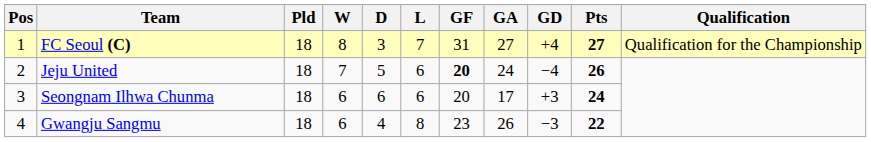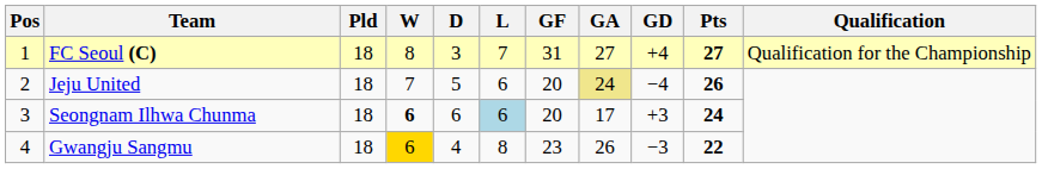 <table class="wikitable" style="text-align:center;">
 <tr>
 <th width=20>Pos</th>
 <th width=230>Team</th>
 <th width=30 abbr="Played">Pld</th>
 <th width=30 abbr="Won">W</th>
 <th width=30 abbr="Draw">D</th>
 <th width=30 abbr="Lost">L</th>
 <th width=35 abbr="Goals for">GF</th>
 <th width=35 abbr="Goals against">GA</th>
 <th width=35 abbr="Goal difference">GD</th>
 <th width=40 abbr="Points">Pts</th>
 <th>Qualification</th>
 </tr>
 <tr bgcolor=#ffffbb>
 <td>1</td>
 <td align="left"><a href='#'>FC Seoul</a> <strong>(C)</strong></td>
 <td>18</td>
 <td>8</td>
 <td>3</td>
 <td>7</td>
 <td>31</td>
 <td>27</td>
 <td>+4</td>
 <td><strong>27</strong></td>
 <td>Qualification for the Championship</td>
 </tr>
 <tr>
 <td>2</td>
 <td align="left"><a href='#'>Jeju United</a></td>
 <td>18</td>
 <td>7</td>
 <td>5</td>
 <td>6</td>
-<td><strong>20</strong></td>
-<td>24</td>
+<td>20</td>
+<td style="background: khaki;">24</td>
 <td>−4</td>
 <td><strong>26</strong></td>
 <td rowspan=3></td>
 </tr>
 <tr>
 <td>3</td>
 <td align="left"><a href='#'>Seongnam Ilhwa Chunma</a></td>
 <td>18</td>
+<td><strong>6</strong></td>
 <td>6</td>
-<td>6</td>
-<td>6</td>
+<td style="background: lightblue;">6</td>
 <td>20</td>
 <td>17</td>
 <td>+3</td>
 <td><strong>24</strong></td>
 </tr>
 <tr>
 <td>4</td>
 <td align="left"><a href='#'>Gwangju Sangmu</a></td>
 <td>18</td>
-<td>6</td>
+<td style="background: gold;">6</td>
 <td>4</td>
 <td>8</td>
 <td>23</td>
 <td>26</td>
 <td>−3</td>
 <td><strong>22</strong></td>
 </tr>
 </table>
